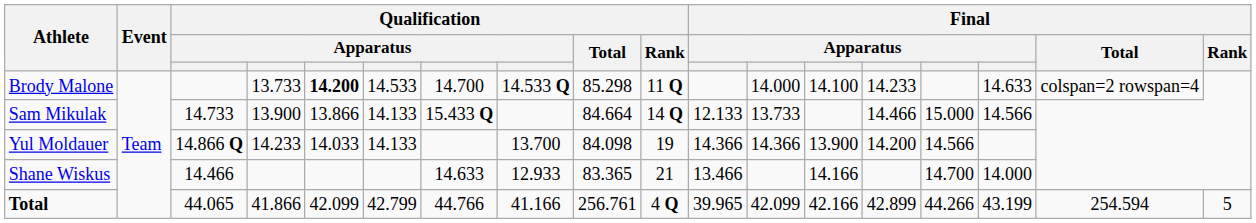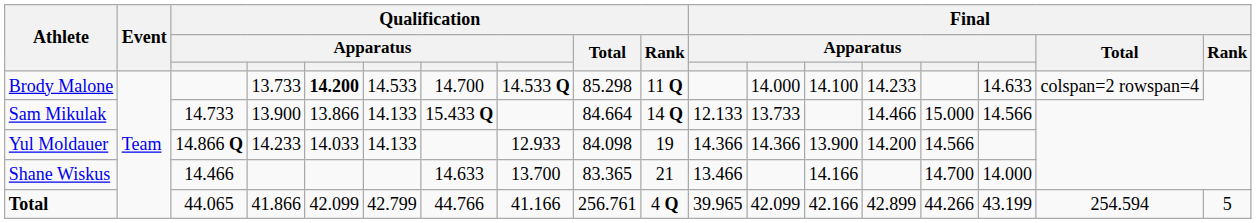 <table class=wikitable style=font-size:90%;text-align:center>
 <tr>
 <th rowspan=3>Athlete</th>
 <th rowspan=3>Event</th>
 <th colspan =8>Qualification</th>
 <th colspan =8>Final</th>
 </tr>
 <tr style=font-size:95%>
 <th colspan=6>Apparatus</th>
 <th rowspan=2>Total</th>
 <th rowspan=2>Rank</th>
 <th colspan=6>Apparatus</th>
 <th rowspan=2>Total</th>
 <th rowspan=2>Rank</th>
 </tr>
 <tr style=font-size:95%>
 <th></th>
 <th></th>
 <th></th>
 <th></th>
 <th></th>
 <th></th>
 <th></th>
 <th></th>
 <th></th>
 <th></th>
 <th></th>
 <th></th>
 </tr>
 <tr>
 <td align=left><a href='#'>Brody Malone</a></td>
 <td align=left rowspan=5><a href='#'>Team</a></td>
 <td></td>
 <td>13.733</td>
 <td><strong>14.200</strong></td>
 <td>14.533</td>
 <td>14.700</td>
 <td>14.533 <strong>Q</strong></td>
 <td>85.298</td>
 <td>11 <strong>Q</strong></td>
 <td></td>
 <td>14.000</td>
 <td>14.100</td>
 <td>14.233</td>
 <td></td>
 <td>14.633</td>
 <td>colspan=2 rowspan=4 </td>
 </tr>
 <tr>
 <td align=left><a href='#'>Sam Mikulak</a></td>
 <td>14.733</td>
 <td>13.900</td>
 <td>13.866</td>
 <td>14.133</td>
 <td>15.433 <strong>Q</strong></td>
 <td></td>
 <td>84.664</td>
 <td>14 <strong>Q</strong></td>
 <td>12.133</td>
 <td>13.733</td>
 <td></td>
 <td>14.466</td>
 <td>15.000</td>
 <td>14.566</td>
 </tr>
 <tr>
 <td align=left><a href='#'>Yul Moldauer</a></td>
 <td>14.866 <strong>Q</strong></td>
 <td>14.233</td>
 <td>14.033</td>
 <td>14.133</td>
 <td></td>
-<td>13.700</td>
+<td>12.933</td>
 <td>84.098</td>
 <td>19</td>
 <td>14.366</td>
 <td>14.366</td>
 <td>13.900</td>
 <td>14.200</td>
 <td>14.566</td>
 <td></td>
 </tr>
 <tr>
 <td align=left><a href='#'>Shane Wiskus</a></td>
 <td>14.466</td>
 <td></td>
 <td></td>
 <td></td>
 <td>14.633</td>
-<td>12.933</td>
+<td>13.700</td>
 <td>83.365</td>
 <td>21</td>
 <td>13.466</td>
 <td></td>
 <td>14.166</td>
 <td></td>
 <td>14.700</td>
 <td>14.000</td>
 </tr>
 <tr>
 <td align=left><strong>Total</strong></td>
 <td>44.065</td>
 <td>41.866</td>
 <td>42.099</td>
 <td>42.799</td>
 <td>44.766</td>
 <td>41.166</td>
 <td>256.761</td>
 <td>4 <strong>Q</strong></td>
 <td>39.965</td>
 <td>42.099</td>
 <td>42.166</td>
 <td>42.899</td>
 <td>44.266</td>
 <td>43.199</td>
 <td>254.594</td>
 <td>5</td>
 </tr>
 </table>
